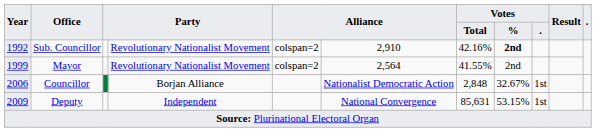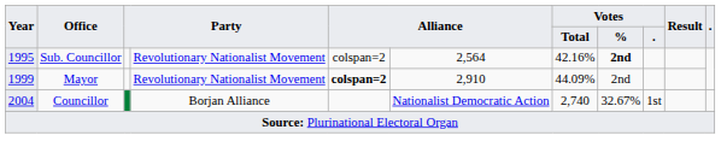 <table class="wikitable" style="font-size:90%; text-align:center;">
 <tr>
 <th style="background-color:#EAECF0;" rowspan=2>Year</th>
 <th style="background-color:#EAECF0;" rowspan=2>Office</th>
 <th style="background-color:#EAECF0;" colspan=2 rowspan=2>Party</th>
 <th style="background-color:#EAECF0;" colspan=2 rowspan=2>Alliance</th>
 <th style="background-color:#EAECF0;" colspan=3>Votes</th>
 <th style="background-color:#EAECF0;" rowspan=2>Result</th>
 <th style="background-color:#EAECF0;" rowspan=2>.</th>
 </tr>
 <tr>
 <th style="background-color:#EAECF0;">Total</th>
 <th style="background-color:#EAECF0;">%</th>
 <th style="background-color:#EAECF0;">.</th>
 </tr>
 <tr>
-<td style="background-color:#EAECF0;"><a href='#'>1992</a></td>
+<td style="background-color:#EAECF0;"><a href='#'>1995</a></td>
 <td><a href='#'>Sub. Councillor</a></td>
 <td style="background-color:"></td>
 <td><a href='#'>Revolutionary Nationalist Movement</a></td>
 <td>colspan=2 </td>
-<td>2,910</td>
+<td>2,564</td>
 <td>42.16%</td>
 <td><strong>2nd</strong></td>
 <td></td>
 <td></td>
 </tr>
 <tr>
 <td style="background-color:#EAECF0;"><a href='#'>1999</a></td>
 <td><a href='#'>Mayor</a></td>
 <td style="background-color:"></td>
 <td><a href='#'>Revolutionary Nationalist Movement</a></td>
-<td>colspan=2 </td>
-<td>2,564</td>
-<td>41.55%</td>
+<td><strong>colspan=2 </strong></td>
+<td>2,910</td>
+<td>44.09%</td>
 <td>2nd</td>
 <td></td>
 <td></td>
 </tr>
 <tr>
-<td style="background-color:#EAECF0;"><a href='#'>2006</a></td>
+<td style="background-color:#EAECF0;"><a href='#'>2004</a></td>
 <td><a href='#'>Councillor</a></td>
 <td style="background-color:#008037;"></td>
 <td>Borjan Alliance</td>
 <td style="background-color:"></td>
 <td><a href='#'>Nationalist Democratic Action</a></td>
-<td>2,848</td>
+<td>2,740</td>
 <td>32.67%</td>
-<td>1st</td>
-<td></td>
-<td></td>
-</tr>
-<tr>
-<td style="background-color:#EAECF0;"><a href='#'>2009</a></td>
-<td><a href='#'>Deputy</a></td>
-<td style="background-color:"></td>
-<td><a href='#'>Independent</a></td>
-<td style="background-color:"></td>
-<td><a href='#'>National Convergence</a></td>
-<td>85,631</td>
-<td>53.15%</td>
 <td>1st</td>
 <td></td>
 <td></td>
 </tr>
 <tr>
 <td style="background-color:#EAECF0;" colspan=11><strong>Source:</strong> <a href='#'>Plurinational Electoral Organ</a>  </td>
 </tr>
 </table>
